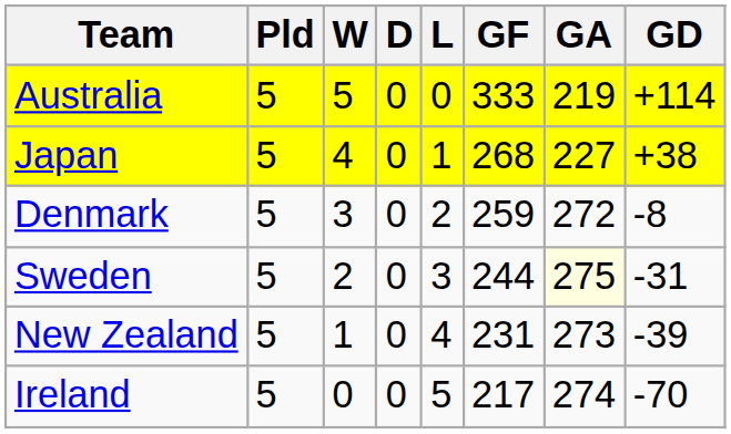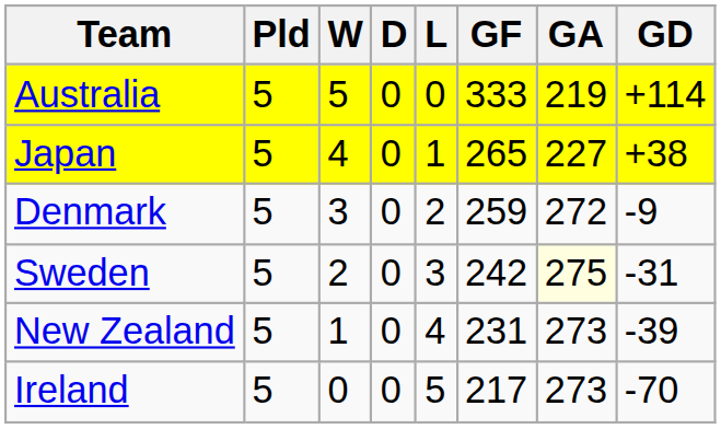 <table class="wikitable" border="1">
 <tr>
 <th>Team</th>
 <th>Pld</th>
 <th>W</th>
 <th>D</th>
 <th>L</th>
 <th>GF</th>
 <th>GA</th>
 <th>GD</th>
 </tr>
 <tr style="background:#ffff00">
 <td> <a href='#'>Australia</a></td>
 <td>5</td>
 <td>5</td>
 <td>0</td>
 <td>0</td>
 <td>333</td>
 <td>219</td>
 <td>+114</td>
 </tr>
 <tr style="background:#ffff00">
 <td> <a href='#'>Japan</a></td>
 <td>5</td>
 <td>4</td>
 <td>0</td>
 <td>1</td>
-<td>268</td>
+<td>265</td>
 <td>227</td>
 <td>+38</td>
 </tr>
 <tr>
 <td> <a href='#'>Denmark</a></td>
 <td>5</td>
 <td>3</td>
 <td>0</td>
 <td>2</td>
 <td>259</td>
 <td>272</td>
-<td>-8</td>
+<td>-9</td>
 </tr>
 <tr>
 <td> <a href='#'>Sweden</a></td>
 <td>5</td>
 <td>2</td>
 <td>0</td>
 <td>3</td>
-<td>244</td>
+<td>242</td>
 <td style="background: lightyellow;">275</td>
 <td>-31</td>
 </tr>
 <tr>
 <td> <a href='#'>New Zealand</a></td>
 <td>5</td>
 <td>1</td>
 <td>0</td>
 <td>4</td>
 <td>231</td>
 <td>273</td>
 <td>-39</td>
 </tr>
 <tr>
 <td> <a href='#'>Ireland</a></td>
 <td>5</td>
 <td>0</td>
 <td>0</td>
 <td>5</td>
 <td>217</td>
-<td>274</td>
+<td>273</td>
 <td>-70</td>
 </tr>
 </table>
